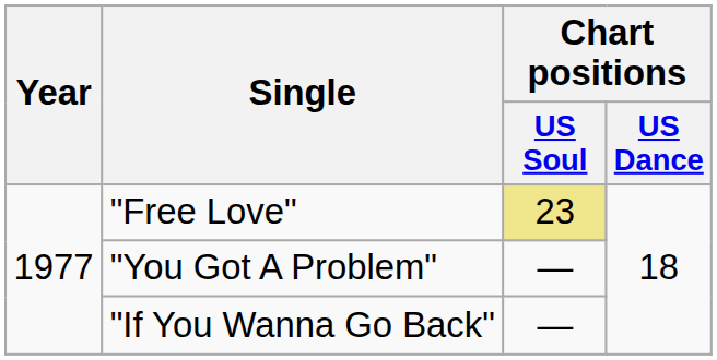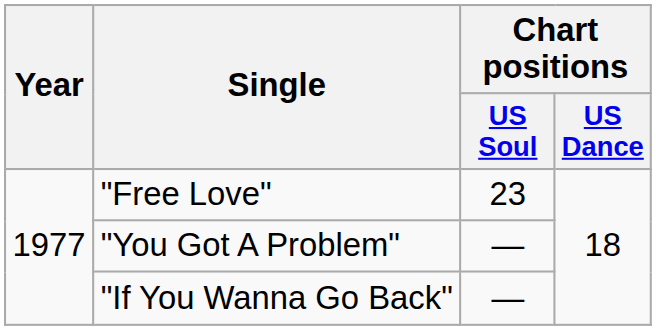 <table class="wikitable" style="text-align:center;">
 <tr>
 <th rowspan="2">Year</th>
 <th rowspan="2">Single</th>
 <th colspan="2">Chart positions</th>
 </tr>
 <tr style="font-size:smaller;">
 <th style="width:40px;"><a href='#'>US<br>Soul</a></th>
 <th style="width:40px;"><a href='#'>US<br>Dance</a></th>
 </tr>
 <tr>
 <td rowspan="3">1977</td>
 <td style="text-align:left;">"Free Love"</td>
-<td style="background: khaki;">23</td>
+<td>23</td>
 <td rowspan="3">18</td>
 </tr>
 <tr>
 <td style="text-align:left;">"You Got A Problem"</td>
 <td>—</td>
 </tr>
 <tr>
 <td style="text-align:left;">"If You Wanna Go Back"</td>
 <td>—</td>
 </tr>
 </table>
